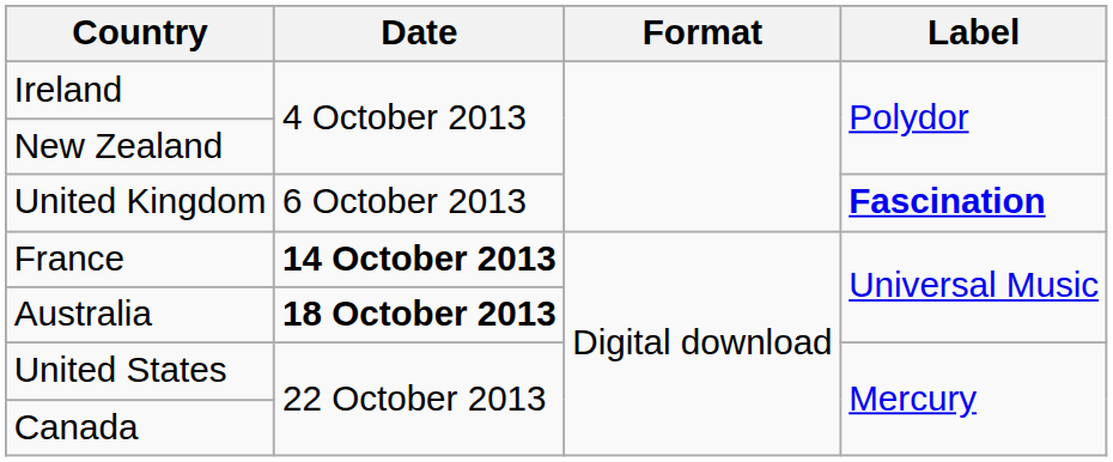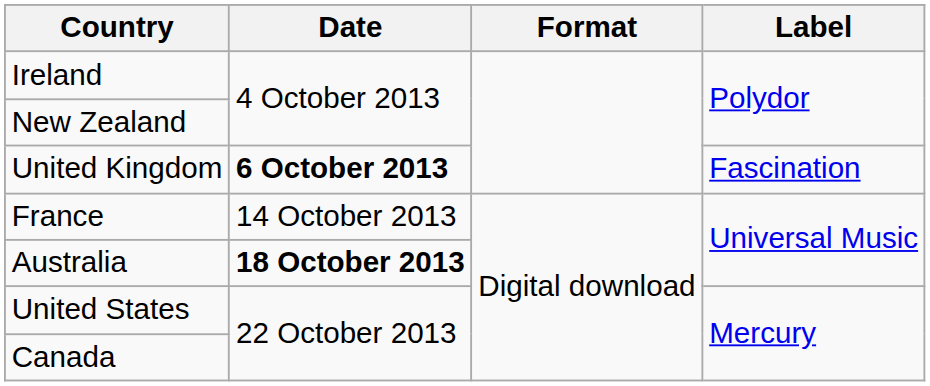 <table class="wikitable">
 <tr>
 <th>Country</th>
 <th>Date</th>
 <th>Format</th>
 <th>Label</th>
 </tr>
 <tr>
 <td>Ireland</td>
 <td rowspan="2">4 October 2013</td>
 <td rowspan="3"></td>
 <td rowspan="2"><a href='#'>Polydor</a></td>
 </tr>
 <tr>
 <td>New Zealand</td>
 </tr>
 <tr>
 <td>United Kingdom</td>
-<td>6 October 2013</td>
-<td><strong><a href='#'>Fascination</a></strong></td>
+<td><strong>6 October 2013</strong></td>
+<td><a href='#'>Fascination</a></td>
 </tr>
 <tr>
 <td>France</td>
-<td><strong>14 October 2013</strong></td>
+<td>14 October 2013</td>
 <td rowspan="4">Digital download</td>
 <td rowspan="2"><a href='#'>Universal Music</a></td>
 </tr>
 <tr>
 <td>Australia</td>
 <td rowspan="1"><strong>18 October 2013</strong></td>
 </tr>
 <tr>
 <td>United States</td>
 <td rowspan="2">22 October 2013</td>
 <td rowspan="2"><a href='#'>Mercury</a></td>
 </tr>
 <tr>
 <td>Canada</td>
 </tr>
 </table>
